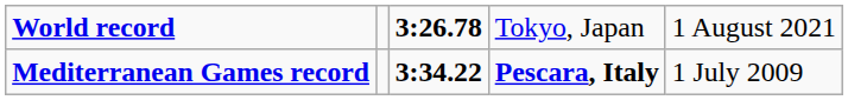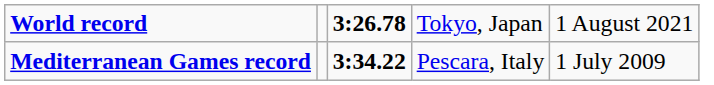 <table class="wikitable">
 <tr>
 <td><strong><a href='#'>World record</a></strong></td>
 <td></td>
 <td><strong>3:26.78</strong></td>
 <td><a href='#'>Tokyo</a>, Japan</td>
 <td>1 August 2021</td>
 </tr>
 <tr>
 <td><strong><a href='#'>Mediterranean Games record</a></strong></td>
 <td></td>
 <td><strong>3:34.22</strong></td>
-<td><strong><a href='#'>Pescara</a>, Italy</strong></td>
+<td><a href='#'>Pescara</a>, Italy</td>
 <td>1 July 2009</td>
 </tr>
 </table>
